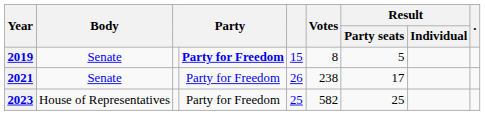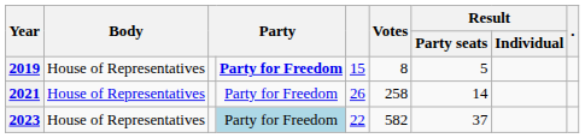 <table class="wikitable plainrowheaders sortable" border=2 cellpadding=4 cellspacing=0 style="border: 1px #aaa solid; font-size: 90%; text-align:center;">
 <tr>
 <th scope="col" rowspan=2>Year</th>
 <th scope="col" rowspan=2>Body</th>
 <th scope="col" colspan=2 rowspan=2>Party</th>
 <th scope="col" rowspan=2></th>
 <th scope="col" rowspan=2>Votes</th>
 <th scope="colgroup" colspan=2>Result</th>
 <th scope="col" rowspan=2 class="unsortable">.</th>
 </tr>
 <tr>
 <th scope="col">Party seats</th>
 <th scope="col">Individual</th>
 </tr>
 <tr>
 <th scope="row"><a href='#'>2019</a></th>
-<td><a href='#'>Senate</a></td>
+<td>House of Representatives</td>
 <td style="background-color:"></td>
 <td><strong><a href='#'>Party for Freedom</a></strong></td>
 <td style=text-align:right><a href='#'>15</a></td>
 <td style=text-align:right>8</td>
 <td style=text-align:right>5</td>
 <td></td>
 <td></td>
 </tr>
 <tr>
 <th scope="row"><a href='#'>2021</a></th>
-<td><a href='#'>Senate</a></td>
+<td><a href='#'>House of Representatives</a></td>
 <td style="background-color:"></td>
 <td><a href='#'>Party for Freedom</a></td>
 <td style=text-align:right><a href='#'>26</a></td>
-<td style=text-align:right>238</td>
-<td style=text-align:right>17</td>
+<td style=text-align:right>258</td>
+<td style=text-align:right>14</td>
 <td></td>
 <td></td>
 </tr>
 <tr>
 <th scope="row"><a href='#'>2023</a></th>
 <td>House of Representatives</td>
 <td style="background-color:"></td>
-<td>Party for Freedom</td>
-<td style=text-align:right><a href='#'>25</a></td>
+<td style="background: lightblue;">Party for Freedom</td>
+<td style=text-align:right><a href='#'>22</a></td>
 <td style=text-align:right>582</td>
-<td style=text-align:right>25</td>
+<td style=text-align:right>37</td>
 <td></td>
 <td></td>
 </tr>
 </table>
